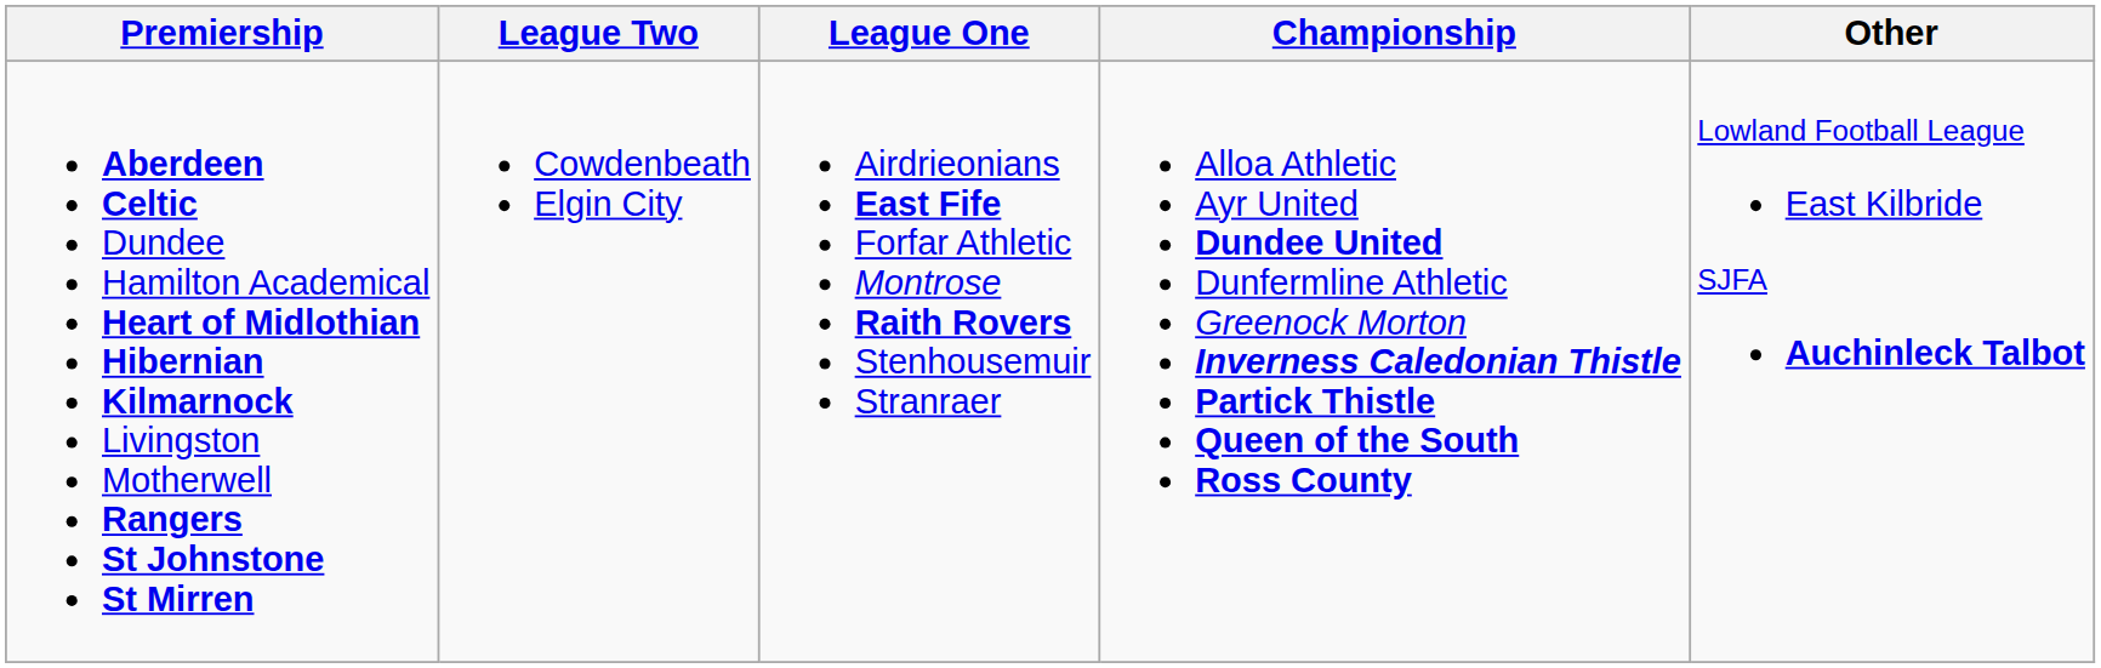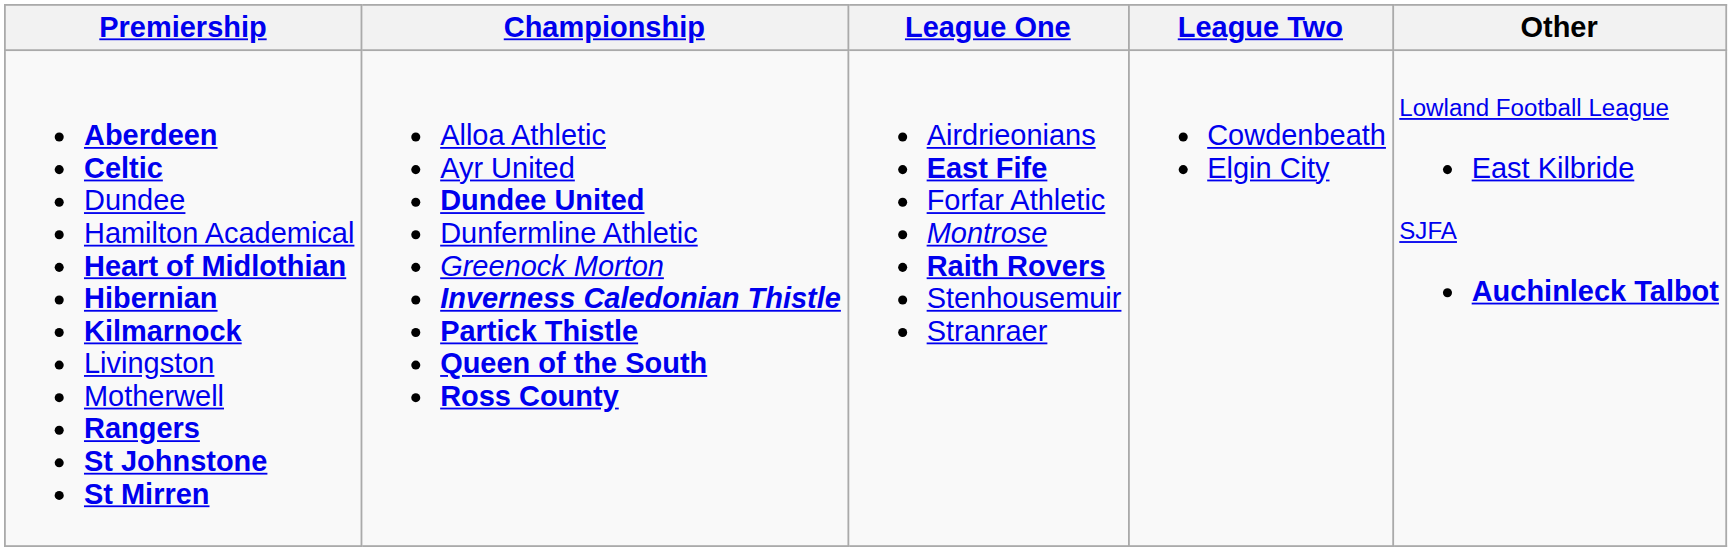 <table class="wikitable" style="text-align:left">
 <tr>
 <th><a href='#'>Premiership</a></th>
+<th><a href='#'>Championship</a></th>
+<th><a href='#'>League One</a></th>
 <th><a href='#'>League Two</a></th>
-<th><a href='#'>League One</a></th>
-<th><a href='#'>Championship</a></th>
 <th>Other</th>
 </tr>
 <tr>
 <td valign=top><br><ul><li><strong><a href='#'>Aberdeen</a></strong></li><li><strong><a href='#'>Celtic</a></strong></li><li><a href='#'>Dundee</a></li><li><a href='#'>Hamilton Academical</a></li><li><strong><a href='#'>Heart of Midlothian</a></strong></li><li><strong><a href='#'>Hibernian</a></strong></li><li><strong><a href='#'>Kilmarnock</a></strong></li><li><a href='#'>Livingston</a></li><li><a href='#'>Motherwell</a></li><li><strong><a href='#'>Rangers</a></strong></li><li><strong><a href='#'>St Johnstone</a></strong></li><li><strong><a href='#'>St Mirren</a></strong></li></ul></td>
+<td valign=top><br><ul><li><a href='#'>Alloa Athletic</a></li><li><a href='#'>Ayr United</a></li><li><strong><a href='#'>Dundee United</a></strong></li><li><a href='#'>Dunfermline Athletic</a></li><li><em><a href='#'>Greenock Morton</a></em></li><li><strong><em><a href='#'>Inverness Caledonian Thistle</a></em></strong></li><li><strong><a href='#'>Partick Thistle</a></strong></li><li><strong><a href='#'>Queen of the South</a></strong></li><li><strong><a href='#'>Ross County</a></strong></li></ul></td>
+<td valign=top><br><ul><li><a href='#'>Airdrieonians</a></li><li><strong><a href='#'>East Fife</a></strong></li><li><a href='#'>Forfar Athletic</a></li><li><em><a href='#'>Montrose</a></em></li><li><strong><a href='#'>Raith Rovers</a></strong></li><li><a href='#'>Stenhousemuir</a></li><li><a href='#'>Stranraer</a></li></ul></td>
 <td valign=top><br><ul><li><a href='#'>Cowdenbeath</a></li><li><a href='#'>Elgin City</a></li></ul></td>
-<td valign=top><br><ul><li><a href='#'>Airdrieonians</a></li><li><strong><a href='#'>East Fife</a></strong></li><li><a href='#'>Forfar Athletic</a></li><li><em><a href='#'>Montrose</a></em></li><li><strong><a href='#'>Raith Rovers</a></strong></li><li><a href='#'>Stenhousemuir</a></li><li><a href='#'>Stranraer</a></li></ul></td>
-<td valign=top><br><ul><li><a href='#'>Alloa Athletic</a></li><li><a href='#'>Ayr United</a></li><li><strong><a href='#'>Dundee United</a></strong></li><li><a href='#'>Dunfermline Athletic</a></li><li><em><a href='#'>Greenock Morton</a></em></li><li><strong><em><a href='#'>Inverness Caledonian Thistle</a></em></strong></li><li><strong><a href='#'>Partick Thistle</a></strong></li><li><strong><a href='#'>Queen of the South</a></strong></li><li><strong><a href='#'>Ross County</a></strong></li></ul></td>
 <td valign=top><br><small><a href='#'>Lowland Football League</a></small><ul><li><a href='#'>East Kilbride</a></li></ul><small><a href='#'>SJFA</a></small><ul><li><strong><a href='#'>Auchinleck Talbot</a></strong></li></ul></td>
 </tr>
 </table>
